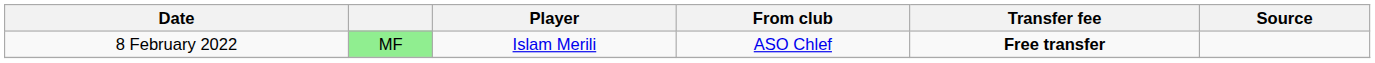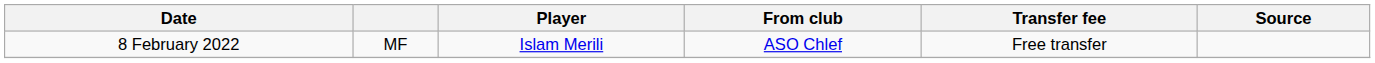 <table class="wikitable sortable" style="width:75%; text-align:center; font-size:90%; text-align:centre;">
 <tr>
 <th>Date</th>
 <th></th>
 <th>Player</th>
 <th>From club</th>
 <th>Transfer fee</th>
 <th>Source</th>
 </tr>
 <tr>
 <td>8 February 2022</td>
-<td style="background: lightgreen;">MF</td>
+<td>MF</td>
 <td> <a href='#'>Islam Merili</a></td>
 <td><a href='#'>ASO Chlef</a></td>
-<td><strong>Free transfer</strong></td>
+<td>Free transfer</td>
 <td></td>
 </tr>
 <tr>
 </tr>
 </table>
